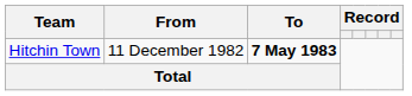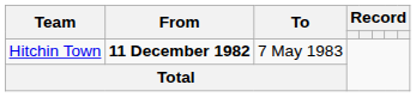 <table class="wikitable" style="text-align: center;">
 <tr>
 <th rowspan="2">Team</th>
 <th rowspan="2">From</th>
 <th rowspan="2">To</th>
 <th colspan="5">Record</th>
 </tr>
 <tr>
 <th></th>
 <th></th>
 <th></th>
 <th></th>
 <th></th>
 </tr>
 <tr>
 <td align="left"><a href='#'>Hitchin Town</a></td>
-<td align="left">11 December 1982</td>
-<td align="left"><strong>7 May 1983<br></strong></td>
+<td align="left"><strong>11 December 1982</strong></td>
+<td align="left">7 May 1983<br></td>
 </tr>
 <tr>
 <th colspan="3">Total<br></th>
 </tr>
 </table>
